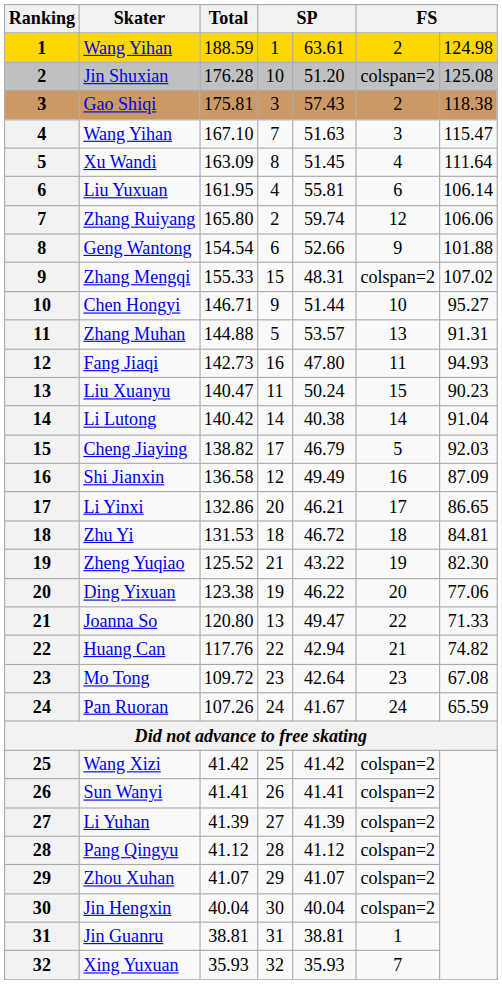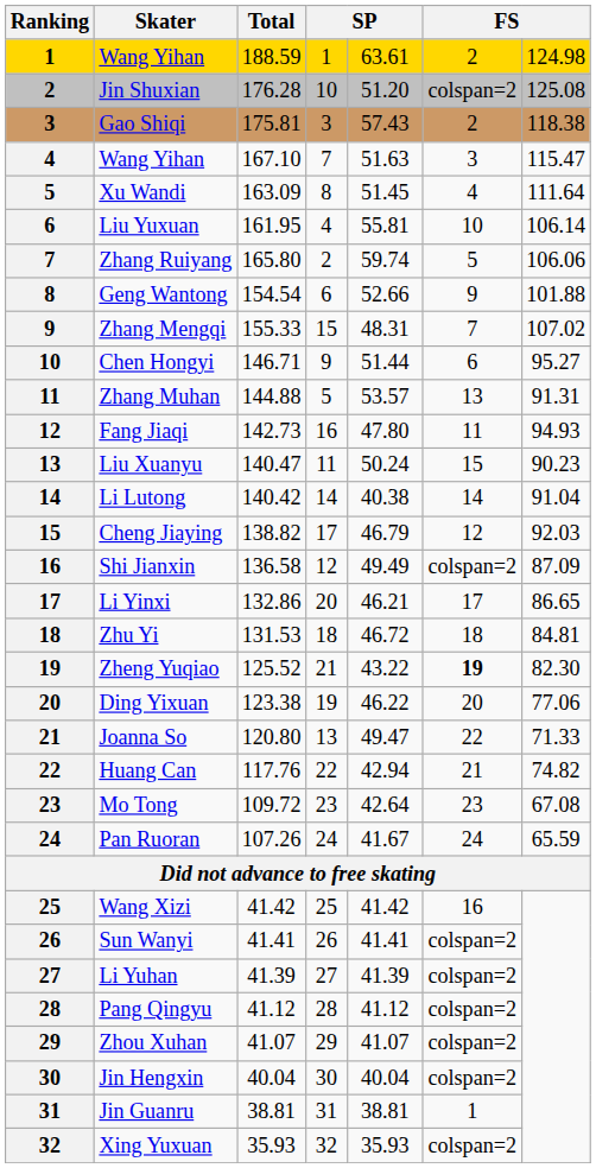 <table class="wikitable sortable">
 <tr>
 <th>Ranking</th>
 <th>Skater</th>
 <th>Total</th>
 <th colspan="2" width="80px">SP </th>
 <th colspan="2" width="80px">FS</th>
 </tr>
 <tr bgcolor="gold">
 <td align="center"><strong>1</strong></td>
 <td><a href='#'>Wang Yihan</a></td>
 <td align="center">188.59</td>
 <td align="center">1</td>
 <td align="center">63.61</td>
 <td align="center">2</td>
 <td align="center">124.98</td>
 </tr>
 <tr bgcolor="silver">
 <td align="center"><strong>2</strong></td>
 <td><a href='#'>Jin Shuxian</a></td>
 <td align="center">176.28</td>
 <td align="center">10</td>
 <td align="center">51.20</td>
 <td>colspan=2 </td>
 <td align="center">125.08</td>
 </tr>
 <tr bgcolor="cc9966">
 <td align="center"><strong>3</strong></td>
 <td><a href='#'>Gao Shiqi</a></td>
 <td align="center">175.81</td>
 <td align="center">3</td>
 <td align="center">57.43</td>
 <td align="center">2</td>
 <td align="center">118.38</td>
 </tr>
 <tr>
 <th>4</th>
 <td><a href='#'>Wang Yihan</a></td>
 <td align="center">167.10</td>
 <td align="center">7</td>
 <td align="center">51.63</td>
 <td align="center">3</td>
 <td align="center">115.47</td>
 </tr>
 <tr>
 <th>5</th>
 <td><a href='#'>Xu Wandi</a></td>
 <td align="center">163.09</td>
 <td align="center">8</td>
 <td align="center">51.45</td>
 <td align="center">4</td>
 <td align="center">111.64</td>
 </tr>
 <tr>
 <th>6</th>
 <td><a href='#'>Liu Yuxuan</a></td>
 <td align="center">161.95</td>
 <td align="center">4</td>
 <td align="center">55.81</td>
-<td align="center">6</td>
+<td align="center">10</td>
 <td align="center">106.14</td>
 </tr>
 <tr>
 <th>7</th>
 <td><a href='#'>Zhang Ruiyang</a></td>
 <td align="center">165.80</td>
 <td align="center">2</td>
 <td align="center">59.74</td>
-<td align="center">12</td>
+<td align="center">5</td>
 <td align="center">106.06</td>
 </tr>
 <tr>
 <th>8</th>
 <td><a href='#'>Geng Wantong</a></td>
 <td align="center">154.54</td>
 <td align="center">6</td>
 <td align="center">52.66</td>
 <td align="center">9</td>
 <td align="center">101.88</td>
 </tr>
 <tr>
 <th>9</th>
 <td><a href='#'>Zhang Mengqi</a></td>
 <td align="center">155.33</td>
 <td align="center">15</td>
 <td align="center">48.31</td>
-<td>colspan=2 </td>
+<td align="center">7</td>
 <td align="center">107.02</td>
 </tr>
 <tr>
 <th>10</th>
 <td><a href='#'>Chen Hongyi</a></td>
 <td align="center">146.71</td>
 <td align="center">9</td>
 <td align="center">51.44</td>
-<td align="center">10</td>
+<td align="center">6</td>
 <td align="center">95.27</td>
 </tr>
 <tr>
 <th>11</th>
 <td><a href='#'>Zhang Muhan</a></td>
 <td align="center">144.88</td>
 <td align="center">5</td>
 <td align="center">53.57</td>
 <td align="center">13</td>
 <td align="center">91.31</td>
 </tr>
 <tr>
 <th>12</th>
 <td><a href='#'>Fang Jiaqi</a></td>
 <td align="center">142.73</td>
 <td align="center">16</td>
 <td align="center">47.80</td>
 <td align="center">11</td>
 <td align="center">94.93</td>
 </tr>
 <tr>
 <th>13</th>
 <td><a href='#'>Liu Xuanyu</a></td>
 <td align="center">140.47</td>
 <td align="center">11</td>
 <td align="center">50.24</td>
 <td align="center">15</td>
 <td align="center">90.23</td>
 </tr>
 <tr>
 <th>14</th>
 <td><a href='#'>Li Lutong</a></td>
 <td align="center">140.42</td>
 <td align="center">14</td>
 <td align="center">40.38</td>
 <td align="center">14</td>
 <td align="center">91.04</td>
 </tr>
 <tr>
 <th>15</th>
 <td><a href='#'>Cheng Jiaying</a></td>
 <td align="center">138.82</td>
 <td align="center">17</td>
 <td align="center">46.79</td>
-<td align="center">5</td>
+<td align="center">12</td>
 <td align="center">92.03</td>
 </tr>
 <tr>
 <th>16</th>
 <td><a href='#'>Shi Jianxin</a></td>
 <td align="center">136.58</td>
 <td align="center">12</td>
 <td align="center">49.49</td>
-<td align="center">16</td>
+<td>colspan=2 </td>
 <td align="center">87.09</td>
 </tr>
 <tr>
 <th>17</th>
 <td><a href='#'>Li Yinxi</a></td>
 <td align="center">132.86</td>
 <td align="center">20</td>
 <td align="center">46.21</td>
 <td align="center">17</td>
 <td align="center">86.65</td>
 </tr>
 <tr>
 <th>18</th>
 <td><a href='#'>Zhu Yi</a></td>
 <td align="center">131.53</td>
 <td align="center">18</td>
 <td align="center">46.72</td>
 <td align="center">18</td>
 <td align="center">84.81</td>
 </tr>
 <tr>
 <th>19</th>
 <td><a href='#'>Zheng Yuqiao</a></td>
 <td align="center">125.52</td>
 <td align="center">21</td>
 <td align="center">43.22</td>
-<td align="center">19</td>
+<td align="center"><strong>19</strong></td>
 <td align="center">82.30</td>
 </tr>
 <tr>
 <th>20</th>
 <td><a href='#'>Ding Yixuan</a></td>
 <td align="center">123.38</td>
 <td align="center">19</td>
 <td align="center">46.22</td>
 <td align="center">20</td>
 <td align="center">77.06</td>
 </tr>
 <tr>
 <th>21</th>
 <td><a href='#'>Joanna So</a></td>
 <td align="center">120.80</td>
 <td align="center">13</td>
 <td align="center">49.47</td>
 <td align="center">22</td>
 <td align="center">71.33</td>
 </tr>
 <tr>
 <th>22</th>
 <td><a href='#'>Huang Can</a></td>
 <td align="center">117.76</td>
 <td align="center">22</td>
 <td align="center">42.94</td>
 <td align="center">21</td>
 <td align="center">74.82</td>
 </tr>
 <tr>
 <th>23</th>
 <td><a href='#'>Mo Tong</a></td>
 <td align="center">109.72</td>
 <td align="center">23</td>
 <td align="center">42.64</td>
 <td align="center">23</td>
 <td align="center">67.08</td>
 </tr>
 <tr>
 <th>24</th>
 <td><a href='#'>Pan Ruoran</a></td>
 <td align="center">107.26</td>
 <td align="center">24</td>
 <td align="center">41.67</td>
 <td align="center">24</td>
 <td align="center">65.59</td>
 </tr>
 <tr>
 <th colspan="7"><em>Did not advance to free skating</em></th>
 </tr>
 <tr>
 <th>25</th>
 <td><a href='#'>Wang Xizi</a></td>
 <td align="center">41.42</td>
 <td align="center">25</td>
 <td align="center">41.42</td>
-<td>colspan=2 </td>
+<td align="center">16</td>
 </tr>
 <tr>
 <th>26</th>
 <td><a href='#'>Sun Wanyi</a></td>
 <td align="center">41.41</td>
 <td align="center">26</td>
 <td align="center">41.41</td>
 <td>colspan=2 </td>
 </tr>
 <tr>
 <th>27</th>
 <td><a href='#'>Li Yuhan</a></td>
 <td align="center">41.39</td>
 <td align="center">27</td>
 <td align="center">41.39</td>
 <td>colspan=2 </td>
 </tr>
 <tr>
 <th>28</th>
 <td><a href='#'>Pang Qingyu</a></td>
 <td align="center">41.12</td>
 <td align="center">28</td>
 <td align="center">41.12</td>
 <td>colspan=2 </td>
 </tr>
 <tr>
 <th>29</th>
 <td><a href='#'>Zhou Xuhan</a></td>
 <td align="center">41.07</td>
 <td align="center">29</td>
 <td align="center">41.07</td>
 <td>colspan=2 </td>
 </tr>
 <tr>
 <th>30</th>
 <td><a href='#'>Jin Hengxin</a></td>
 <td align="center">40.04</td>
 <td align="center">30</td>
 <td align="center">40.04</td>
 <td>colspan=2 </td>
 </tr>
 <tr>
 <th>31</th>
 <td><a href='#'>Jin Guanru</a></td>
 <td align="center">38.81</td>
 <td align="center">31</td>
 <td align="center">38.81</td>
 <td align="center">1</td>
 </tr>
 <tr>
 <th>32</th>
 <td><a href='#'>Xing Yuxuan</a></td>
 <td align="center">35.93</td>
 <td align="center">32</td>
 <td align="center">35.93</td>
-<td align="center">7</td>
+<td>colspan=2 </td>
 </tr>
 </table>
